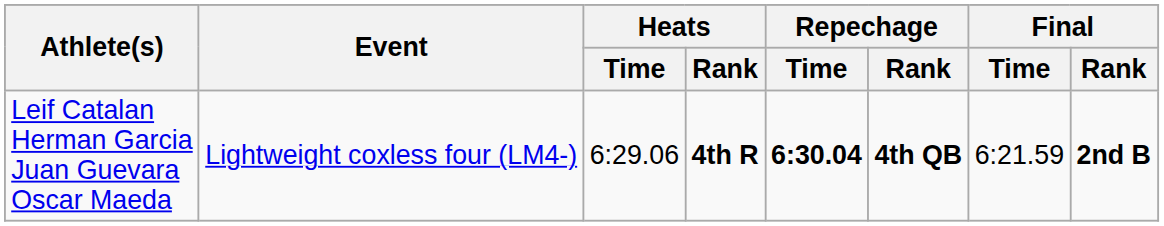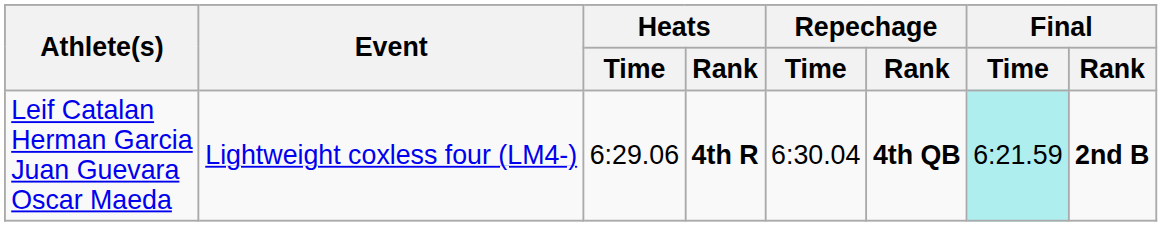 <table class="wikitable" border="1" style="font-size:90%">
 <tr>
 <th rowspan=2>Athlete(s)</th>
 <th rowspan=2>Event</th>
 <th colspan=2>Heats</th>
 <th colspan=2>Repechage</th>
 <th colspan=2>Final</th>
 </tr>
 <tr>
 <th>Time</th>
 <th>Rank</th>
 <th>Time</th>
 <th>Rank</th>
 <th>Time</th>
 <th>Rank</th>
 </tr>
 <tr>
 <td><a href='#'>Leif Catalan</a><br><a href='#'>Herman Garcia</a><br><a href='#'>Juan Guevara</a><br><a href='#'>Oscar Maeda</a></td>
 <td><a href='#'>Lightweight coxless four (LM4-)</a></td>
 <td align=center>6:29.06</td>
 <td align=center><strong>4th R</strong></td>
-<td align=center><strong>6:30.04</strong></td>
+<td align=center>6:30.04</td>
 <td align=center><strong>4th QB</strong></td>
-<td align=center>6:21.59</td>
+<td align=center style="background: paleturquoise;">6:21.59</td>
 <td align=center><strong>2nd B</strong></td>
 </tr>
 </table>
